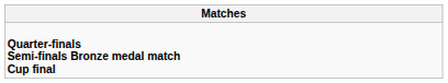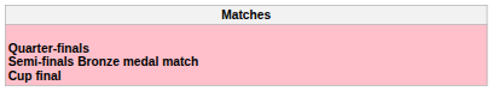 <table class="wikitable collapsible collapsed" style="width:100%;">
 <tr>
 <th>Matches</th>
 </tr>
 <tr>
-<td><br><strong>Quarter-finals</strong>    <br><strong>Semi-finals</strong>   <strong>Bronze medal match</strong> <br><strong>Cup final</strong> </td>
+<td style="background: pink;"><br><strong>Quarter-finals</strong>    <br><strong>Semi-finals</strong>   <strong>Bronze medal match</strong> <br><strong>Cup final</strong> </td>
 </tr>
 </table>
